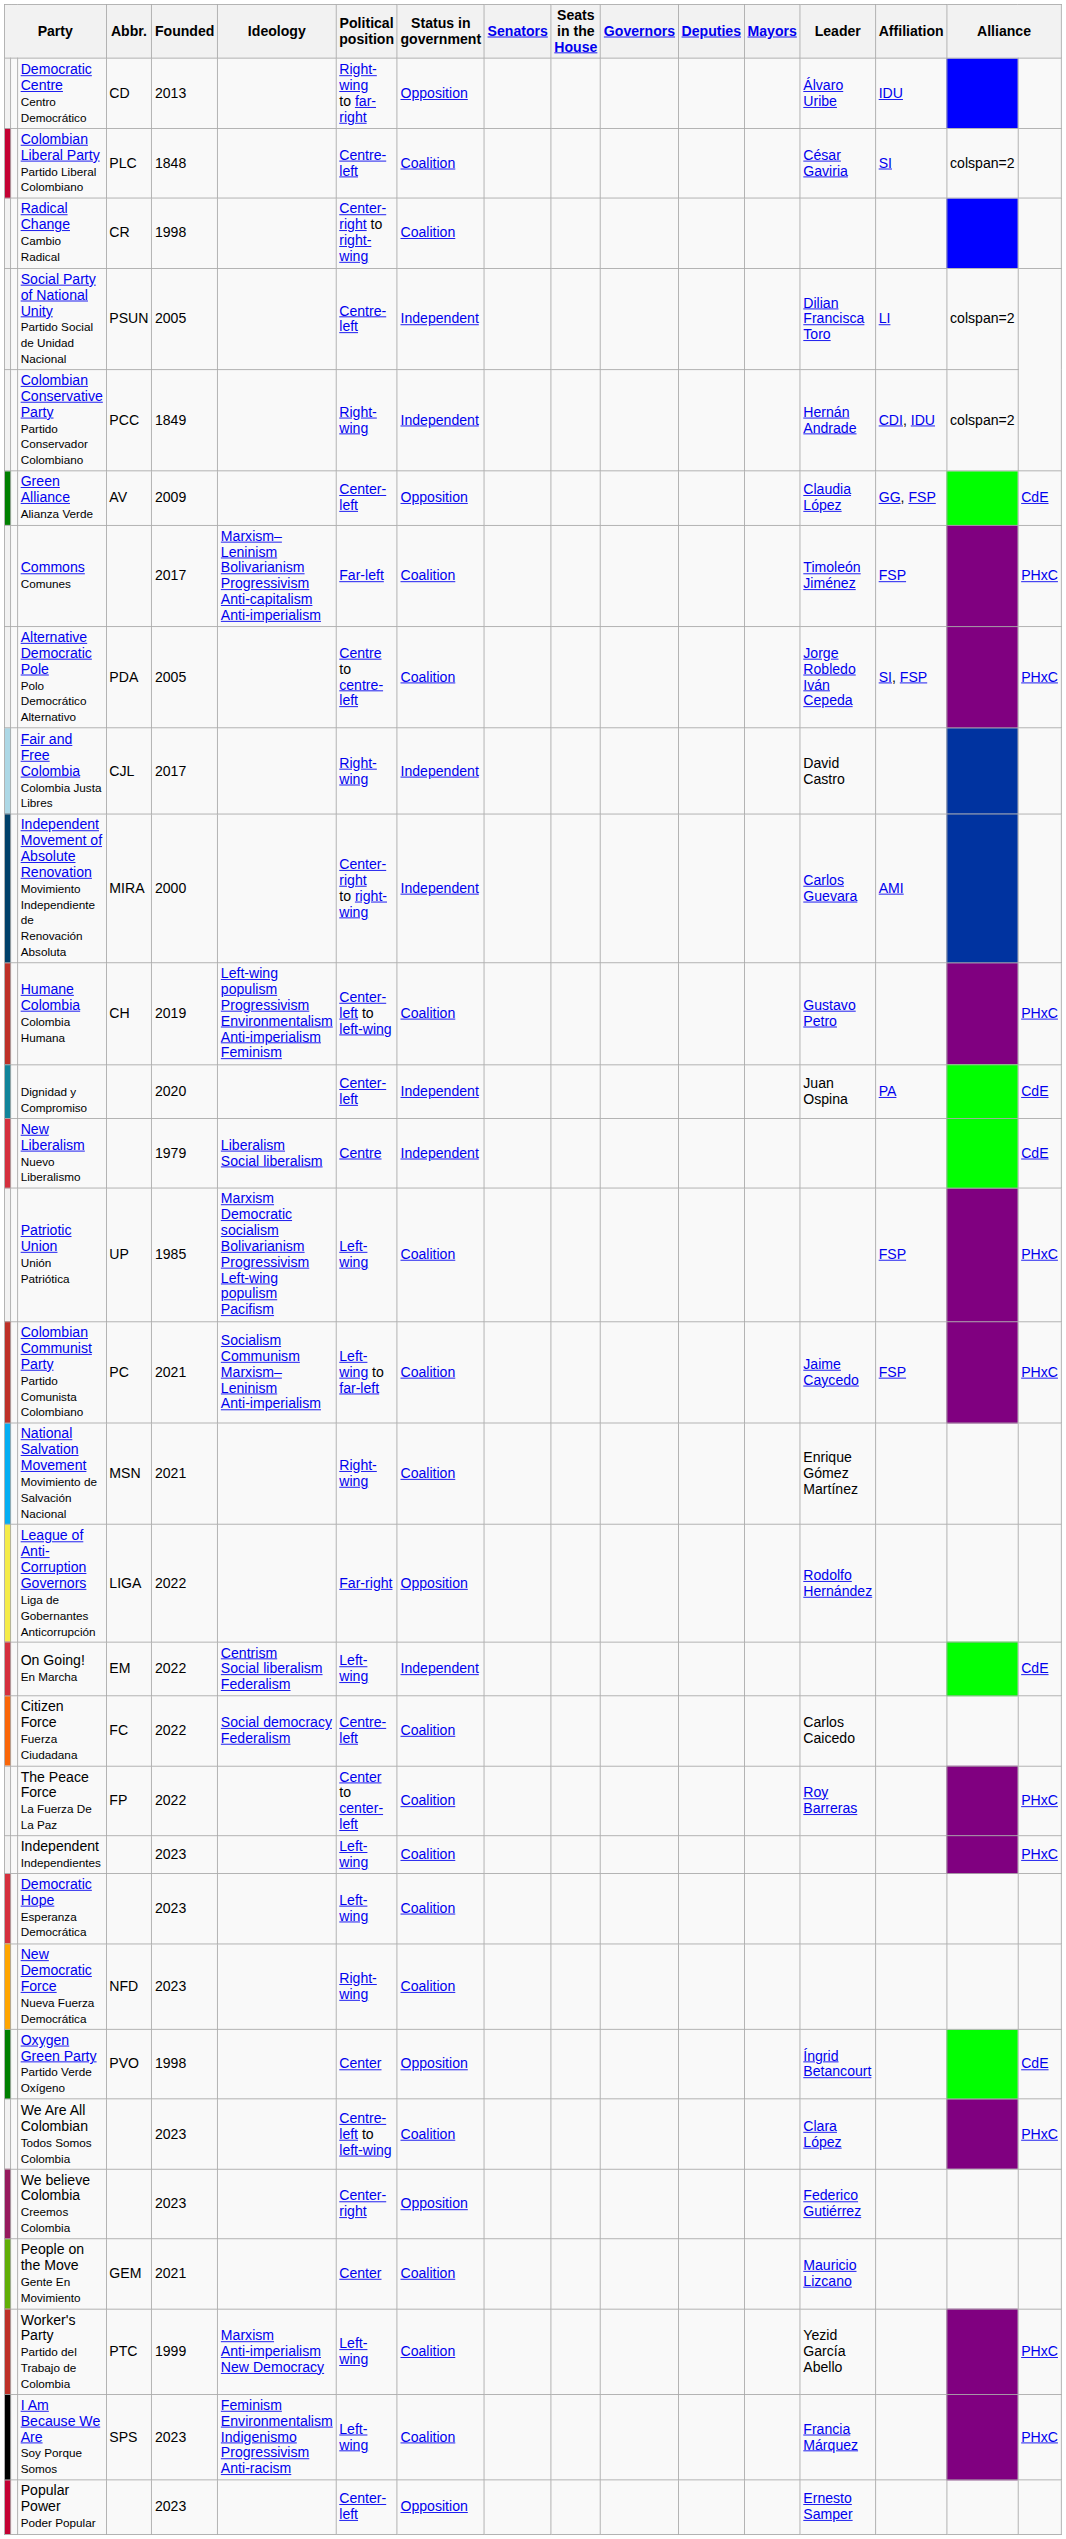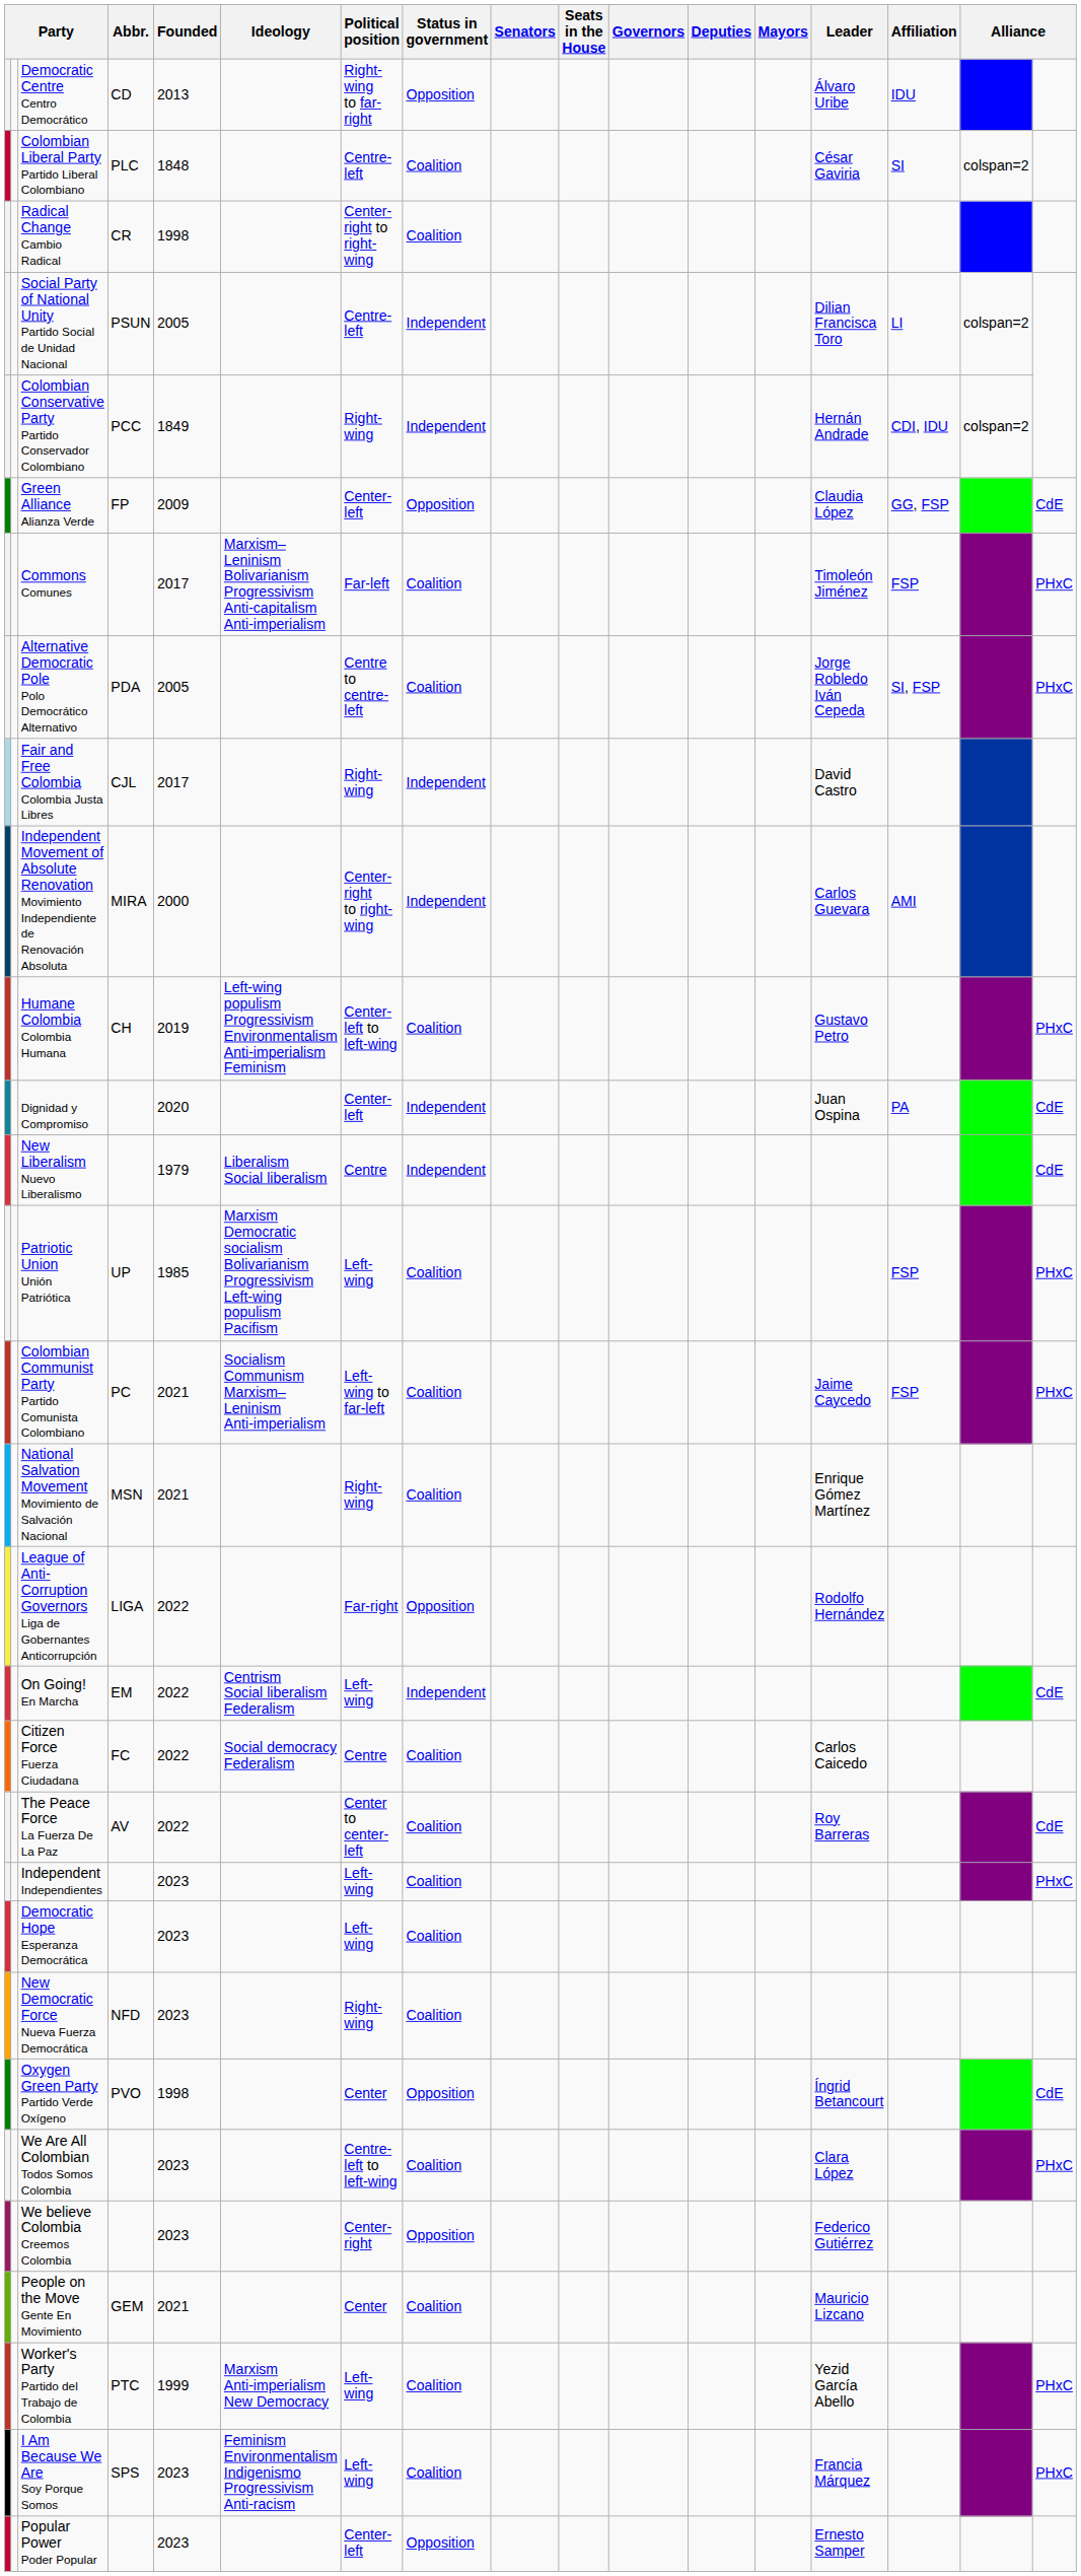 <table class="wikitable sortable">
 <tr>
 <th colspan=3>Party</th>
 <th class=unsortable>Abbr.</th>
 <th>Founded</th>
 <th class=unsortable>Ideology</th>
 <th class=unsortable>Political<br>position</th>
 <th>Status in<br>government</th>
 <th><a href='#'>Senators</a></th>
 <th>Seats in the<br><a href='#'>House</a></th>
 <th><a href='#'>Governors</a></th>
 <th><a href='#'>Deputies</a></th>
 <th><a href='#'>Mayors</a></th>
 <th class=unsortable>Leader</th>
 <th class=unsortable>Affiliation</th>
 <th colspan=2>Alliance</th>
 </tr>
 <tr>
 <th style="background-color: "></th>
 <td></td>
 <td><a href='#'>Democratic Centre</a><br><small>Centro Democrático</small></td>
 <td>CD</td>
 <td>2013</td>
 <td></td>
 <td><a href='#'>Right-wing</a><br>to <a href='#'>far-right</a></td>
 <td><a href='#'>Opposition</a></td>
 <td></td>
 <td></td>
 <td></td>
 <td></td>
 <td></td>
 <td><a href='#'>Álvaro Uribe</a></td>
 <td><a href='#'>IDU</a></td>
 <td bgcolor=blue></td>
 <td></td>
 </tr>
 <tr>
 <th style="background-color: #C40234" ></th>
 <td></td>
 <td><a href='#'>Colombian Liberal Party</a><br><small>Partido Liberal Colombiano</small></td>
 <td>PLC</td>
 <td>1848</td>
 <td></td>
 <td><a href='#'>Centre-left</a></td>
 <td><a href='#'>Coalition</a></td>
 <td></td>
 <td></td>
 <td></td>
 <td></td>
 <td></td>
 <td><a href='#'>César Gaviria</a></td>
 <td><a href='#'>SI</a></td>
 <td>colspan=2 </td>
 </tr>
 <tr>
 <th style="background-color: "></th>
 <td></td>
 <td><a href='#'>Radical Change</a><br><small>Cambio Radical</small></td>
 <td>CR</td>
 <td>1998</td>
 <td></td>
 <td><a href='#'>Center-right</a> to <a href='#'>right-wing</a></td>
 <td><a href='#'>Coalition</a></td>
 <td></td>
 <td></td>
 <td></td>
 <td></td>
 <td></td>
 <td></td>
 <td></td>
 <td bgcolor=blue></td>
 <td></td>
 </tr>
 <tr>
 <th style="background-color: "></th>
 <td></td>
 <td><a href='#'>Social Party of National Unity</a><br><small>Partido Social de Unidad Nacional</small></td>
 <td>PSUN</td>
 <td>2005</td>
 <td></td>
 <td><a href='#'>Centre-left</a></td>
 <td><a href='#'>Independent</a></td>
 <td></td>
 <td></td>
 <td></td>
 <td></td>
 <td></td>
 <td><a href='#'>Dilian Francisca Toro</a></td>
 <td><a href='#'>LI</a></td>
 <td>colspan=2 </td>
 </tr>
 <tr>
 <th style="background-color: "></th>
 <td></td>
 <td><a href='#'>Colombian Conservative Party</a><br><small>Partido Conservador Colombiano</small></td>
 <td>PCC</td>
 <td>1849</td>
 <td></td>
 <td><a href='#'>Right-wing</a></td>
 <td><a href='#'>Independent</a></td>
 <td></td>
 <td></td>
 <td></td>
 <td></td>
 <td></td>
 <td><a href='#'>Hernán Andrade</a></td>
 <td><a href='#'>CDI</a>, <a href='#'>IDU</a></td>
 <td>colspan=2 </td>
 </tr>
 <tr>
 <th style="background-color: #008000"></th>
 <td></td>
 <td><a href='#'>Green Alliance</a><br><small>Alianza Verde</small></td>
-<td>AV</td>
+<td>FP</td>
 <td>2009</td>
 <td></td>
 <td><a href='#'>Center-left</a></td>
 <td><a href='#'>Opposition</a></td>
 <td></td>
 <td></td>
 <td></td>
 <td></td>
 <td></td>
 <td><a href='#'>Claudia López</a></td>
 <td><a href='#'>GG</a>, <a href='#'>FSP</a></td>
 <td bgcolor=lime></td>
 <td><a href='#'>CdE</a></td>
 </tr>
 <tr>
 <th style="background-color: "></th>
 <td></td>
 <td><a href='#'>Commons</a><br><small>Comunes</small></td>
 <td></td>
 <td>2017</td>
 <td><a href='#'>Marxism–Leninism</a><br> <a href='#'>Bolivarianism</a><br> <a href='#'>Progressivism</a> <br> <a href='#'>Anti-capitalism</a> <br> <a href='#'>Anti-imperialism</a></td>
 <td><a href='#'>Far-left</a></td>
 <td><a href='#'>Coalition</a></td>
 <td></td>
 <td></td>
 <td></td>
 <td></td>
 <td></td>
 <td><a href='#'>Timoleón Jiménez</a></td>
 <td><a href='#'>FSP</a></td>
 <td bgcolor=purple></td>
 <td><a href='#'>PHxC</a></td>
 </tr>
 <tr>
 <th style="background-color: "></th>
 <td></td>
 <td><a href='#'>Alternative Democratic Pole</a><br><small>Polo Democrático Alternativo</small></td>
 <td>PDA</td>
 <td>2005</td>
 <td></td>
 <td><a href='#'>Centre</a> to <a href='#'>centre-left</a></td>
 <td><a href='#'>Coalition</a></td>
 <td></td>
 <td></td>
 <td></td>
 <td></td>
 <td></td>
 <td><a href='#'>Jorge Robledo</a><br><a href='#'>Iván Cepeda</a></td>
 <td><a href='#'>SI</a>, <a href='#'>FSP</a></td>
 <td bgcolor=purple></td>
 <td><a href='#'>PHxC</a></td>
 </tr>
 <tr>
 <th style="background-color: #ADD8E6"></th>
 <td></td>
 <td><a href='#'>Fair and Free Colombia</a><br><small>Colombia Justa Libres</small></td>
 <td>CJL</td>
 <td>2017</td>
 <td></td>
 <td><a href='#'>Right-wing</a></td>
 <td><a href='#'>Independent</a></td>
 <td></td>
 <td></td>
 <td></td>
 <td></td>
 <td></td>
 <td>David Castro</td>
 <td></td>
 <td bgcolor="#0033a0"></td>
 <td></td>
 </tr>
 <tr>
 <th style="background-color: #00416A"></th>
 <td></td>
 <td><a href='#'>Independent Movement of<br>Absolute Renovation</a><br><small>Movimiento Independiente de<br>Renovación Absoluta</small></td>
 <td>MIRA</td>
 <td>2000</td>
 <td></td>
 <td><a href='#'>Center-right</a><br>to <a href='#'>right-wing</a></td>
 <td><a href='#'>Independent</a></td>
 <td></td>
 <td></td>
 <td></td>
 <td></td>
 <td></td>
 <td><a href='#'>Carlos Guevara</a></td>
 <td><a href='#'>AMI</a></td>
 <td bgcolor="#0033a0"></td>
 <td></td>
 </tr>
 <tr>
 <th style="background-color:#be3128"></th>
 <td></td>
 <td><a href='#'>Humane Colombia</a><br><small>Colombia Humana</small></td>
 <td>CH</td>
 <td>2019</td>
 <td><a href='#'>Left-wing populism</a><br><a href='#'>Progressivism</a><br><a href='#'>Environmentalism</a><br><a href='#'>Anti-imperialism</a><br><a href='#'>Feminism</a></td>
 <td><a href='#'>Center-left</a> to <a href='#'>left-wing</a></td>
 <td><a href='#'>Coalition</a></td>
 <td></td>
 <td></td>
 <td></td>
 <td></td>
 <td></td>
 <td><a href='#'>Gustavo Petro</a></td>
 <td></td>
 <td bgcolor=purple></td>
 <td><a href='#'>PHxC</a></td>
 </tr>
 <tr>
 <th style="background-color: #11849A"></th>
 <td></td>
 <td><br><small>Dignidad y Compromiso</small></td>
 <td></td>
 <td>2020</td>
 <td></td>
 <td><a href='#'>Center-left</a></td>
 <td><a href='#'>Independent</a></td>
 <td></td>
 <td></td>
 <td></td>
 <td></td>
 <td></td>
 <td>Juan Ospina</td>
 <td><a href='#'>PA</a></td>
 <td bgcolor=lime></td>
 <td><a href='#'>CdE</a></td>
 </tr>
 <tr>
 <th style="background-color: #D5303E"></th>
 <td></td>
 <td><a href='#'>New Liberalism</a><br><small>Nuevo Liberalismo</small></td>
 <td></td>
 <td>1979</td>
 <td><a href='#'>Liberalism</a><br> <a href='#'>Social liberalism</a></td>
 <td><a href='#'>Centre</a></td>
 <td><a href='#'>Independent</a></td>
 <td></td>
 <td></td>
 <td></td>
 <td></td>
 <td></td>
 <td></td>
 <td></td>
 <td bgcolor=lime></td>
 <td><a href='#'>CdE</a></td>
 </tr>
 <tr>
 <th style="background-color: "></th>
 <td></td>
 <td><a href='#'>Patriotic Union</a><br><small>Unión Patriótica</small></td>
 <td>UP</td>
 <td>1985</td>
 <td><a href='#'>Marxism</a><br><a href='#'>Democratic socialism</a><br><a href='#'>Bolivarianism</a><br><a href='#'>Progressivism</a><br><a href='#'>Left-wing populism</a><br><a href='#'>Pacifism</a></td>
 <td><a href='#'>Left-wing</a></td>
 <td><a href='#'>Coalition</a></td>
 <td></td>
 <td></td>
 <td></td>
 <td></td>
 <td></td>
 <td></td>
 <td><a href='#'>FSP</a></td>
 <td bgcolor=purple></td>
 <td><a href='#'>PHxC</a></td>
 </tr>
 <tr>
 <th style="background-color:#be3128"></th>
 <td></td>
 <td><a href='#'>Colombian Communist Party</a><br><small>Partido Comunista Colombiano</small></td>
 <td>PC</td>
 <td>2021</td>
 <td><a href='#'>Socialism</a><br><a href='#'>Communism</a><br><a href='#'>Marxism–Leninism</a><br><a href='#'>Anti-imperialism</a></td>
 <td><a href='#'>Left-wing</a> to <a href='#'>far-left</a></td>
 <td><a href='#'>Coalition</a></td>
 <td></td>
 <td></td>
 <td></td>
 <td></td>
 <td></td>
 <td><a href='#'>Jaime Caycedo</a></td>
 <td><a href='#'>FSP</a></td>
 <td bgcolor=purple></td>
 <td><a href='#'>PHxC</a></td>
 </tr>
 <tr>
 <th style="background-color: #05AEF2"></th>
 <td></td>
 <td><a href='#'>National Salvation Movement</a><br><small>Movimiento de Salvación Nacional</small></td>
 <td>MSN</td>
 <td>2021</td>
 <td></td>
 <td><a href='#'>Right-wing</a></td>
 <td><a href='#'>Coalition</a></td>
 <td></td>
 <td></td>
 <td></td>
 <td></td>
 <td></td>
 <td>Enrique Gómez Martínez</td>
 <td></td>
 <td></td>
 <td></td>
 </tr>
 <tr>
 <th style="background-color: #F5EC49"></th>
 <td></td>
 <td><a href='#'>League of Anti-Corruption Governors</a><br><small>Liga de Gobernantes Anticorrupción</small></td>
 <td>LIGA</td>
 <td>2022</td>
 <td></td>
 <td><a href='#'>Far-right</a></td>
 <td><a href='#'>Opposition</a></td>
 <td></td>
 <td></td>
 <td></td>
 <td></td>
 <td></td>
 <td><a href='#'>Rodolfo Hernández</a></td>
 <td></td>
 <td></td>
 <td></td>
 </tr>
 <tr>
 <th style="background-color: #D5303E"></th>
 <td></td>
 <td>On Going!<br><small>En Marcha</small></td>
 <td>EM</td>
 <td>2022</td>
 <td><a href='#'>Centrism</a><br> <a href='#'>Social liberalism</a><br><a href='#'>Federalism</a></td>
 <td><a href='#'>Left-wing</a></td>
 <td><a href='#'>Independent</a></td>
 <td></td>
 <td></td>
 <td></td>
 <td></td>
 <td></td>
 <td></td>
 <td></td>
 <td bgcolor=lime></td>
 <td><a href='#'>CdE</a></td>
 </tr>
 <tr>
 <th style="background-color:#FA6709"></th>
 <td></td>
 <td>Citizen Force<br><small>Fuerza Ciudadana</small></td>
 <td>FC</td>
 <td>2022</td>
 <td><a href='#'>Social democracy</a><br><a href='#'>Federalism</a></td>
-<td><a href='#'>Centre-left</a></td>
+<td><a href='#'>Centre</a></td>
 <td><a href='#'>Coalition</a></td>
 <td></td>
 <td></td>
 <td></td>
 <td></td>
 <td></td>
 <td>Carlos Caicedo</td>
 <td></td>
 <td></td>
 <td></td>
 </tr>
 <tr>
 <th style="background-color: "></th>
 <td></td>
 <td>The Peace Force<br><small>La Fuerza De La Paz</small></td>
-<td>FP</td>
+<td>AV</td>
 <td>2022</td>
 <td></td>
 <td><a href='#'>Center</a> to <a href='#'>center-left</a></td>
 <td><a href='#'>Coalition</a></td>
 <td></td>
 <td></td>
 <td></td>
 <td></td>
 <td></td>
 <td><a href='#'>Roy Barreras</a></td>
 <td></td>
 <td bgcolor=purple></td>
-<td><a href='#'>PHxC</a></td>
+<td><a href='#'>CdE</a></td>
 </tr>
 <tr>
 <th style="background-color: "></th>
 <td></td>
 <td>Independent<br><small>Independientes</small></td>
 <td></td>
 <td>2023</td>
 <td></td>
 <td><a href='#'>Left-wing</a></td>
 <td><a href='#'>Coalition</a></td>
 <td></td>
 <td></td>
 <td></td>
 <td></td>
 <td></td>
 <td></td>
 <td></td>
 <td bgcolor=purple></td>
 <td><a href='#'>PHxC</a></td>
 </tr>
 <tr>
 <th style="background-color: #D5303E"></th>
 <td></td>
 <td><a href='#'> Democratic Hope</a><br><small>Esperanza Democrática</small></td>
 <td></td>
 <td>2023</td>
 <td></td>
 <td><a href='#'>Left-wing</a></td>
 <td><a href='#'>Coalition</a></td>
 <td></td>
 <td></td>
 <td></td>
 <td></td>
 <td></td>
 <td></td>
 <td></td>
 <td></td>
 <td></td>
 </tr>
 <tr>
 <th style="background-color: Orange"></th>
 <td></td>
 <td><a href='#'>New Democratic Force</a><br><small>Nueva Fuerza Democrática</small></td>
 <td>NFD</td>
 <td>2023</td>
 <td></td>
 <td><a href='#'>Right-wing</a></td>
 <td><a href='#'>Coalition</a></td>
 <td></td>
 <td></td>
 <td></td>
 <td></td>
 <td></td>
 <td></td>
 <td></td>
 <td></td>
 <td></td>
 </tr>
 <tr>
 <th style="background-color: #008000"></th>
 <td></td>
 <td><a href='#'>Oxygen Green Party</a><br><small>Partido Verde Oxígeno</small></td>
 <td>PVO</td>
 <td>1998</td>
 <td></td>
 <td><a href='#'>Center</a></td>
 <td><a href='#'>Opposition</a></td>
 <td></td>
 <td></td>
 <td></td>
 <td></td>
 <td></td>
 <td><a href='#'>Íngrid Betancourt</a></td>
 <td></td>
 <td bgcolor=lime></td>
 <td><a href='#'>CdE</a></td>
 </tr>
 <tr>
 <th style="background-color: "></th>
 <td></td>
 <td>We Are All Colombian<br><small>Todos Somos Colombia</small></td>
 <td></td>
 <td>2023</td>
 <td></td>
 <td><a href='#'>Centre-left</a> to <a href='#'>left-wing</a></td>
 <td><a href='#'>Coalition</a></td>
 <td></td>
 <td></td>
 <td></td>
 <td></td>
 <td></td>
 <td><a href='#'>Clara López</a></td>
 <td></td>
 <td bgcolor=purple></td>
 <td><a href='#'>PHxC</a></td>
 </tr>
 <tr>
 <th style="background-color: #961A5D"></th>
 <td></td>
 <td>We believe Colombia<br><small>Creemos Colombia</small></td>
 <td></td>
 <td>2023</td>
 <td></td>
 <td><a href='#'>Center-right</a></td>
 <td><a href='#'>Opposition</a></td>
 <td></td>
 <td></td>
 <td></td>
 <td></td>
 <td></td>
 <td><a href='#'>Federico Gutiérrez</a></td>
 <td></td>
 <td></td>
 <td></td>
 </tr>
 <tr>
 <th style="background-color: #61AF07"></th>
 <td></td>
 <td>People on the Move<br><small>Gente En Movimiento</small></td>
 <td>GEM</td>
 <td>2021</td>
 <td></td>
 <td><a href='#'>Center</a></td>
 <td><a href='#'>Coalition</a></td>
 <td></td>
 <td></td>
 <td></td>
 <td></td>
 <td></td>
 <td><a href='#'>Mauricio Lizcano</a></td>
 <td></td>
 <td></td>
 <td></td>
 </tr>
 <tr>
 <th style="background-color:#be3128"></th>
 <td></td>
 <td>Worker's Party<br><small>Partido del Trabajo de Colombia</small></td>
 <td>PTC</td>
 <td>1999</td>
 <td><a href='#'>Marxism</a><br><a href='#'>Anti-imperialism</a><br><a href='#'>New Democracy</a></td>
 <td><a href='#'>Left-wing</a></td>
 <td><a href='#'>Coalition</a></td>
 <td></td>
 <td></td>
 <td></td>
 <td></td>
 <td></td>
 <td>Yezid García Abello</td>
 <td></td>
 <td bgcolor=purple></td>
 <td><a href='#'>PHxC</a></td>
 </tr>
 <tr>
 <th style="background-color:#000000"></th>
 <td></td>
 <td><a href='#'>I Am Because We Are</a><br><small>Soy Porque Somos</small></td>
 <td>SPS</td>
 <td>2023</td>
 <td><a href='#'>Feminism</a><br><a href='#'>Environmentalism</a><br><a href='#'>Indigenismo</a><br><a href='#'>Progressivism</a><br><a href='#'>Anti-racism</a></td>
 <td><a href='#'>Left-wing</a></td>
 <td><a href='#'>Coalition</a></td>
 <td></td>
 <td></td>
 <td></td>
 <td></td>
 <td></td>
 <td><a href='#'>Francia Márquez</a></td>
 <td></td>
 <td bgcolor=purple></td>
 <td><a href='#'>PHxC</a></td>
 </tr>
 <tr>
 <th style="background-color: #C40234"></th>
 <td></td>
 <td>Popular Power<br><small>Poder Popular</small></td>
 <td></td>
 <td>2023</td>
 <td></td>
 <td><a href='#'>Center-left</a></td>
 <td><a href='#'>Opposition</a></td>
 <td></td>
 <td></td>
 <td></td>
 <td></td>
 <td></td>
 <td><a href='#'>Ernesto Samper</a></td>
 <td></td>
 <td></td>
 <td></td>
 </tr>
 </table>
